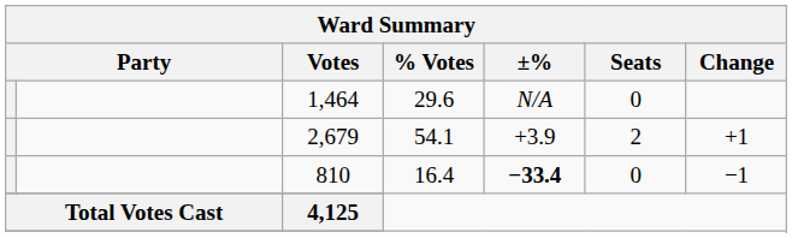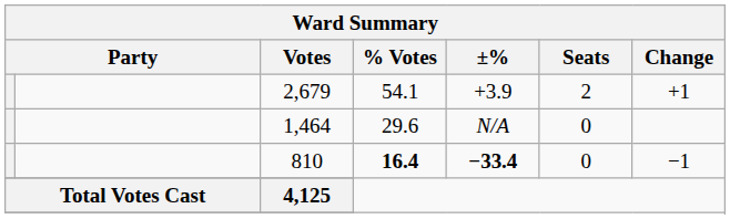 <table class="wikitable" style="font-size: 95%;">
 <tr style="background-color:#E9E9E9">
 <th colspan="7">Ward Summary</th>
 </tr>
 <tr style="background-color:#E9E9E9">
 <th colspan="2">Party</th>
 <th style="width: 60px">Votes</th>
 <th style="width: 60px">% Votes</th>
 <th style="width: 60px">±%</th>
 <th style="width: 60px">Seats</th>
 <th style="width: 60px">Change</th>
 </tr>
 <tr>
 <th style="background-color: "></th>
 <td style="width: 170px"><a href='#'></a></td>
+<td align="center">2,679</td>
+<td align="center">54.1</td>
+<td align="center">+3.9</td>
+<td align="center">2</td>
+<td align="center">+1</td>
+</tr>
+<tr>
+<th style="background-color: "></th>
+<td style="width: 170px"><a href='#'></a></td>
 <td align="center">1,464</td>
 <td align="center">29.6</td>
 <td align="center"><em>N/A</em></td>
 <td align="center">0</td>
 <td align="center"></td>
 </tr>
 <tr>
 <th style="background-color: "></th>
 <td style="width: 170px"><a href='#'></a></td>
-<td align="center">2,679</td>
-<td align="center">54.1</td>
-<td align="center">+3.9</td>
-<td align="center">2</td>
-<td align="center">+1</td>
-</tr>
-<tr>
-<th style="background-color: "></th>
-<td style="width: 170px"><a href='#'></a></td>
 <td align="center">810</td>
-<td align="center">16.4</td>
+<td align="center"><strong>16.4</strong></td>
 <td align="center"><strong>−33.4</strong></td>
 <td align="center">0</td>
 <td align="center">−1</td>
 </tr>
 <tr>
 </tr>
 <tr style="background-color:#E9E9E9">
 <th colspan="2">Total Votes Cast</th>
 <th style="width: 60px">4,125</th>
 </tr>
 <tr style="background-color:#E9E9E9">
 </tr>
 </table>
